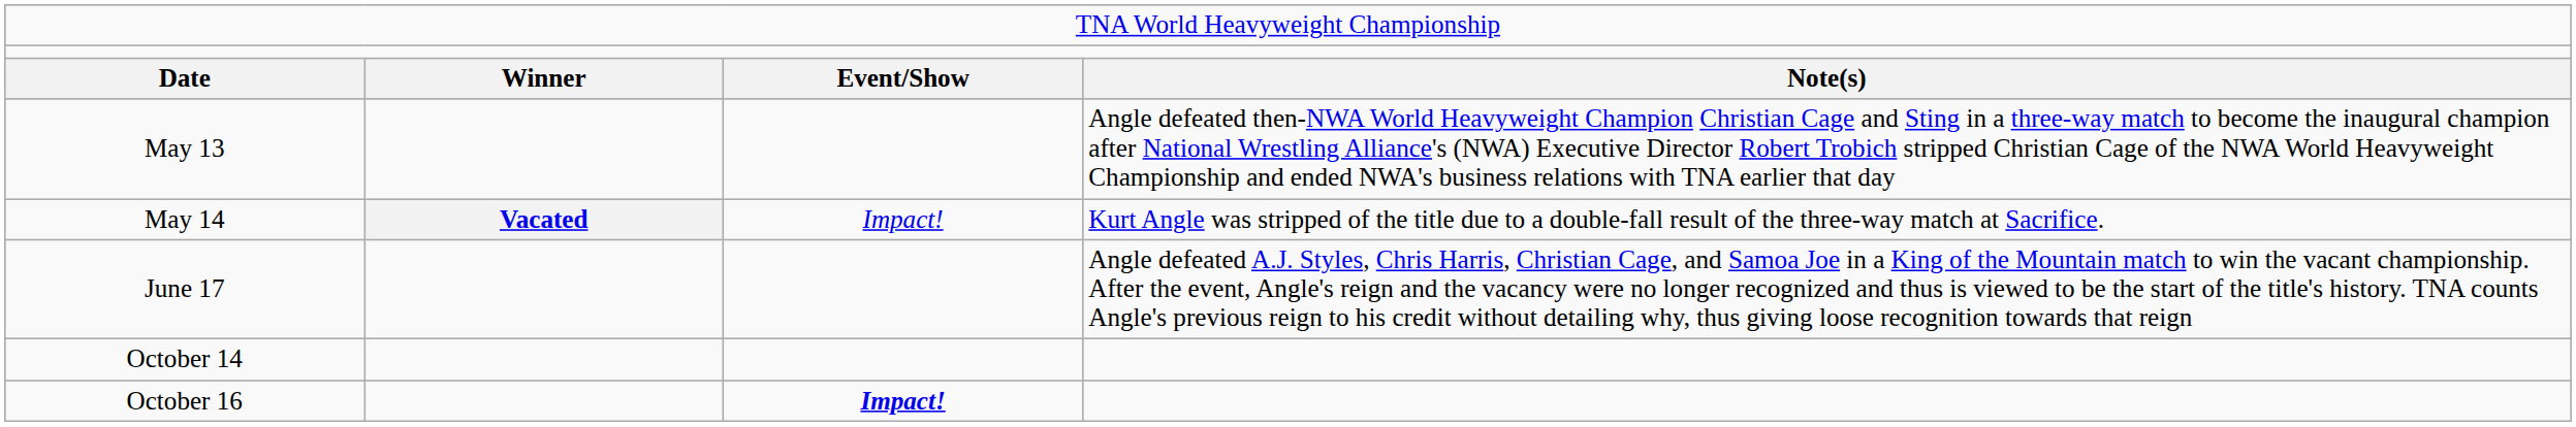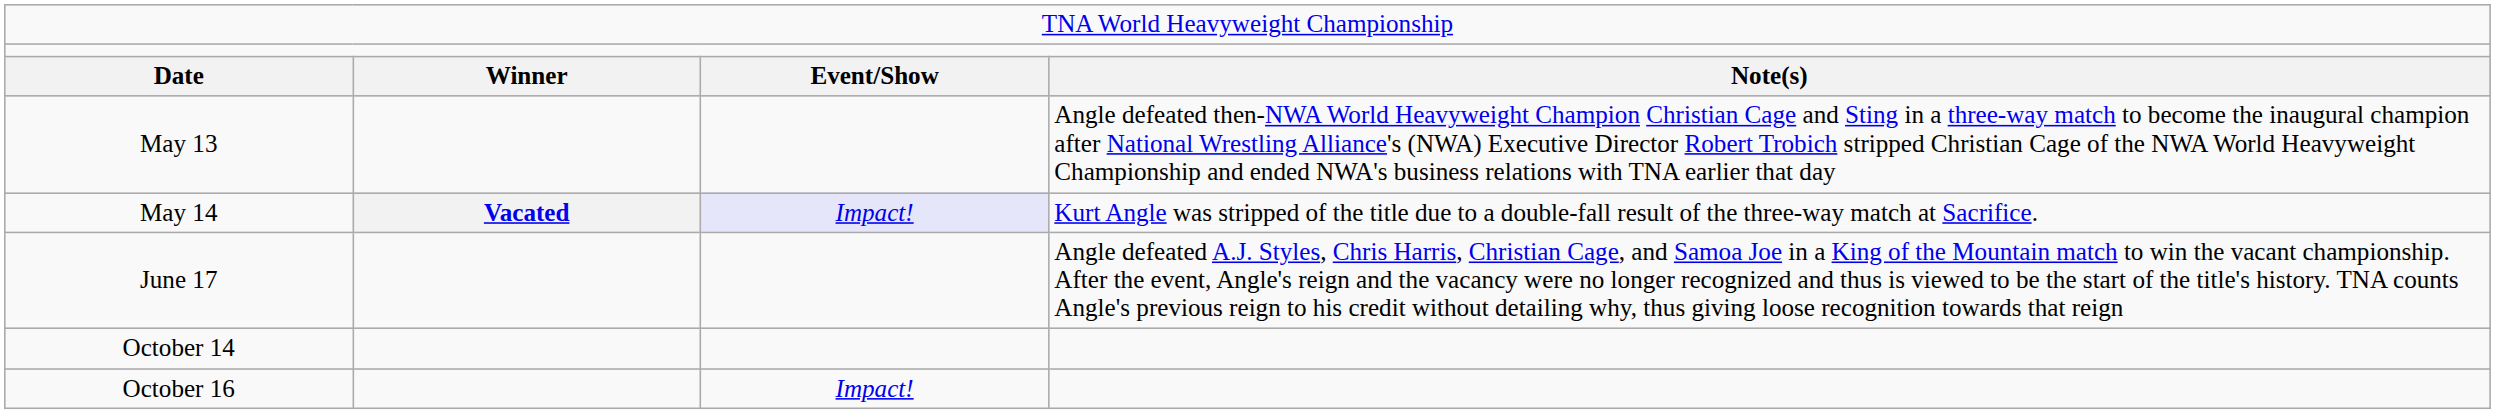 <table class="wikitable" style="text-align:center; width:100%;">
 <tr>
 <td colspan="5"><a href='#'>TNA World Heavyweight Championship</a></td>
 </tr>
 <tr>
 <td colspan="5"><strong></strong></td>
 </tr>
 <tr>
 <th width="14%">Date</th>
 <th width="14%">Winner</th>
 <th width="14%">Event/Show</th>
 <th width="58%">Note(s)</th>
 </tr>
 <tr>
 <td>May 13</td>
 <td></td>
 <td></td>
 <td align="left">Angle defeated then-<a href='#'>NWA World Heavyweight Champion</a> <a href='#'>Christian Cage</a> and <a href='#'>Sting</a> in a <a href='#'>three-way match</a> to become the inaugural champion after <a href='#'>National Wrestling Alliance</a>'s (NWA) Executive Director <a href='#'>Robert Trobich</a> stripped Christian Cage of the NWA World Heavyweight Championship and ended NWA's business relations with TNA earlier that day</td>
 </tr>
 <tr>
 <td>May 14<br></td>
 <th><a href='#'>Vacated</a></th>
-<td><em><a href='#'>Impact!</a></em></td>
+<td style="background: lavender;"><em><a href='#'>Impact!</a></em></td>
 <td align="left"><a href='#'>Kurt Angle</a> was stripped of the title due to a double-fall result of the three-way match at <a href='#'>Sacrifice</a>.</td>
 </tr>
 <tr>
 <td>June 17</td>
 <td></td>
 <td></td>
 <td align="left">Angle defeated <a href='#'>A.J. Styles</a>, <a href='#'>Chris Harris</a>, <a href='#'>Christian Cage</a>, and <a href='#'>Samoa Joe</a> in a <a href='#'>King of the Mountain match</a> to win the vacant championship. After the event, Angle's reign and the vacancy were no longer recognized and thus is viewed to be the start of the title's history. TNA counts Angle's previous reign to his credit without detailing why, thus giving loose recognition towards that reign</td>
 </tr>
 <tr>
 <td>October 14</td>
 <td></td>
 <td></td>
 <td align="left"></td>
 </tr>
 <tr>
 <td>October 16<br></td>
 <td></td>
-<td><strong><em><a href='#'>Impact!</a></em></strong></td>
+<td><em><a href='#'>Impact!</a></em></td>
 <td></td>
 </tr>
 </table>
